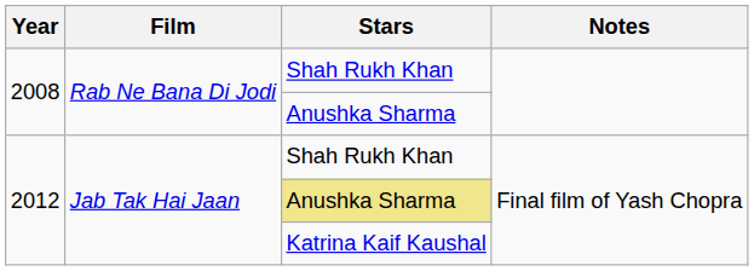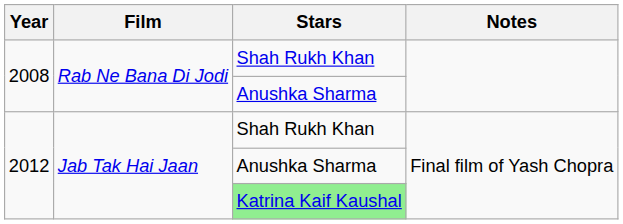 <table class="wikitable sortable" style="font-size:1.00em; line-height:1.5em;">
 <tr>
 <th>Year</th>
 <th>Film</th>
 <th>Stars</th>
 <th>Notes</th>
 </tr>
 <tr>
 <td rowspan="2">2008</td>
 <td rowspan="2"><em><a href='#'>Rab Ne Bana Di Jodi</a></em></td>
 <td><a href='#'>Shah Rukh Khan</a></td>
 <td rowspan="2"></td>
 </tr>
 <tr>
 <td><a href='#'>Anushka Sharma</a></td>
 </tr>
 <tr>
 <td rowspan="3">2012</td>
 <td rowspan="3"><em><a href='#'>Jab Tak Hai Jaan</a></em></td>
 <td>Shah Rukh Khan</td>
 <td rowspan="3">Final film of Yash Chopra</td>
 </tr>
 <tr>
-<td style="background: khaki;">Anushka Sharma</td>
+<td>Anushka Sharma</td>
 </tr>
 <tr>
-<td><a href='#'>Katrina Kaif Kaushal</a></td>
+<td style="background: lightgreen;"><a href='#'>Katrina Kaif Kaushal</a></td>
 </tr>
 </table>
